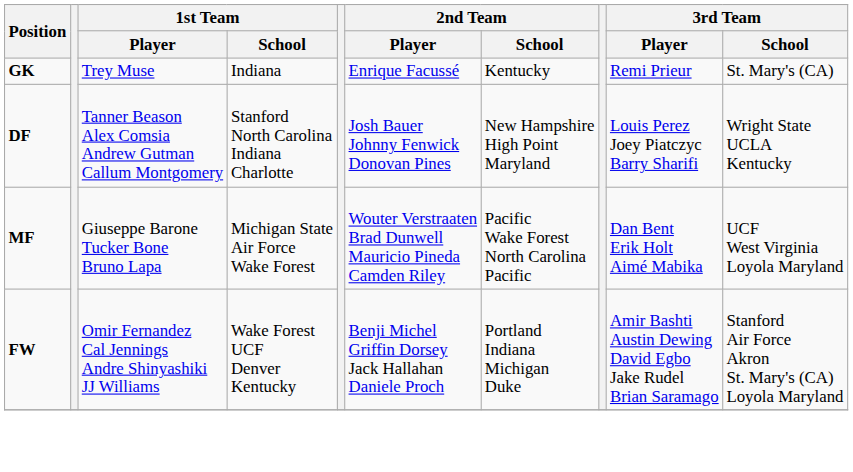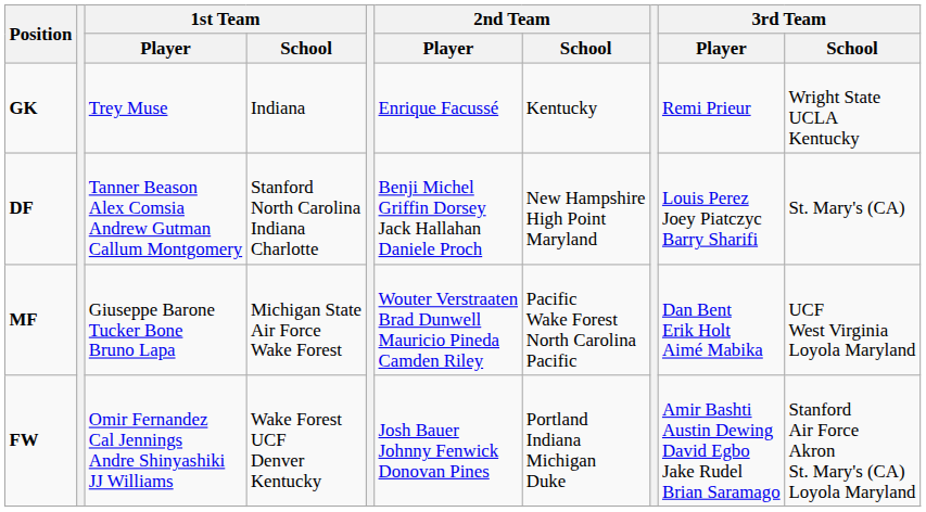 <table class="wikitable" border="1">
 <tr>
 <th rowspan="2">Position</th>
 <th rowspan="6"></th>
 <th colspan="2">1st Team</th>
 <th rowspan="6"></th>
 <th colspan="2">2nd Team</th>
 <th rowspan="6"></th>
 <th colspan="2">3rd Team</th>
 </tr>
 <tr>
 <th>Player</th>
 <th>School</th>
 <th>Player</th>
 <th>School</th>
 <th>Player</th>
 <th>School</th>
 </tr>
 <tr>
 <td><strong>GK</strong></td>
 <td><a href='#'>Trey Muse</a></td>
 <td>Indiana</td>
 <td><a href='#'>Enrique Facussé</a></td>
 <td>Kentucky</td>
 <td><a href='#'>Remi Prieur</a></td>
-<td>St. Mary's (CA)</td>
+<td><br>Wright State<br> UCLA<br> Kentucky</td>
 </tr>
 <tr>
 <td><strong>DF</strong></td>
 <td><br><a href='#'>Tanner Beason</a><br> <a href='#'>Alex Comsia</a><br> <a href='#'>Andrew Gutman</a><br> <a href='#'>Callum Montgomery</a></td>
 <td><br>Stanford<br> North Carolina<br> Indiana<br> Charlotte</td>
-<td><br><a href='#'>Josh Bauer</a><br> <a href='#'>Johnny Fenwick</a><br> <a href='#'>Donovan Pines</a></td>
+<td><br><a href='#'>Benji Michel</a><br> <a href='#'>Griffin Dorsey</a><br> Jack Hallahan<br> <a href='#'>Daniele Proch</a></td>
 <td><br>New Hampshire<br> High Point<br> Maryland<br></td>
 <td><br><a href='#'>Louis Perez</a><br> Joey Piatczyc<br> <a href='#'>Barry Sharifi</a></td>
-<td><br>Wright State<br> UCLA<br> Kentucky</td>
+<td>St. Mary's (CA)</td>
 </tr>
 <tr>
 <td><strong>MF</strong></td>
 <td><br>Giuseppe Barone<br> <a href='#'>Tucker Bone</a><br> <a href='#'>Bruno Lapa</a></td>
 <td><br>Michigan State<br> Air Force<br> Wake Forest</td>
 <td><br><a href='#'>Wouter Verstraaten</a><br> <a href='#'>Brad Dunwell</a><br> <a href='#'>Mauricio Pineda</a><br> <a href='#'>Camden Riley</a></td>
 <td><br>Pacific<br> Wake Forest<br> North Carolina<br> Pacific</td>
 <td><br><a href='#'>Dan Bent</a><br> <a href='#'>Erik Holt</a><br> <a href='#'>Aimé Mabika</a><br></td>
 <td><br>UCF<br> West Virginia<br> Loyola Maryland</td>
 </tr>
 <tr>
 <td><strong>FW</strong></td>
 <td><br><a href='#'>Omir Fernandez</a><br> <a href='#'>Cal Jennings</a><br> <a href='#'>Andre Shinyashiki</a><br> <a href='#'>JJ Williams</a></td>
 <td><br>Wake Forest<br> UCF<br> Denver<br> Kentucky</td>
-<td><br><a href='#'>Benji Michel</a><br> <a href='#'>Griffin Dorsey</a><br> Jack Hallahan<br> <a href='#'>Daniele Proch</a></td>
+<td><br><a href='#'>Josh Bauer</a><br> <a href='#'>Johnny Fenwick</a><br> <a href='#'>Donovan Pines</a></td>
 <td><br>Portland<br> Indiana<br> Michigan<br> Duke</td>
 <td><br><a href='#'>Amir Bashti</a><br> <a href='#'>Austin Dewing</a><br> <a href='#'>David Egbo</a><br> Jake Rudel<br> <a href='#'>Brian Saramago</a></td>
 <td><br>Stanford<br> Air Force<br> Akron<br> St. Mary's (CA)<br> Loyola Maryland</td>
 </tr>
 <tr>
 </tr>
 </table>
